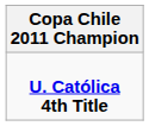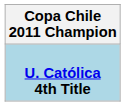 <table class="wikitable" style="text-align: center; margin: 0 auto;">
 <tr>
 <th>Copa Chile<br>2011 Champion</th>
 </tr>
 <tr>
-<td><br><strong><a href='#'>U. Católica</a></strong><br><strong>4th Title</strong></td>
+<td style="background: lightblue;"><br><strong><a href='#'>U. Católica</a></strong><br><strong>4th Title</strong></td>
 </tr>
 </table>
